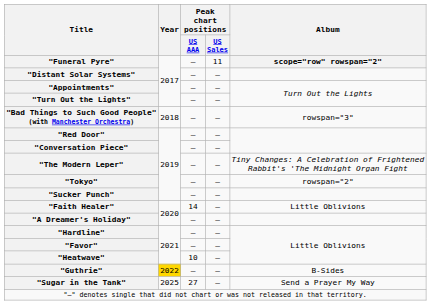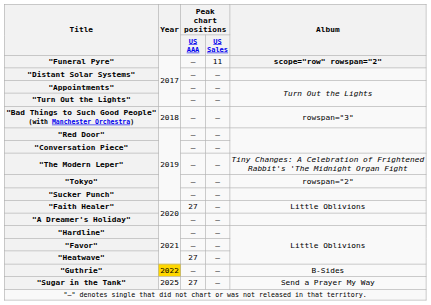 <table class="wikitable plainrowheaders" style="text-align:center;">
 <tr>
 <th rowspan="2">Title</th>
 <th rowspan="2">Year</th>
 <th colspan="2">Peak chart positions</th>
 <th rowspan="2">Album</th>
 </tr>
 <tr>
 <th scope="col" style="width:3em;font-size:90%;"><a href='#'>US<br>AAA</a><br></th>
 <th scope="col" style="width:3em;font-size:90%;"><a href='#'>US<br>Sales</a><br></th>
 </tr>
 <tr>
 <th scope="row">"Funeral Pyre"</th>
 <td rowspan="4">2017</td>
 <td>—</td>
 <td>11</td>
 <th>scope="row" rowspan="2" </th>
 </tr>
 <tr>
 <th scope="row">"Distant Solar Systems"</th>
 <td>—</td>
 <td>—</td>
 </tr>
 <tr>
 <th scope="row">"Appointments"</th>
 <td>—</td>
 <td>—</td>
 <td rowspan="2"><em>Turn Out the Lights</em></td>
 </tr>
 <tr>
 <th scope="row">"Turn Out the Lights"</th>
 <td>—</td>
 <td>—</td>
 </tr>
 <tr>
 <th scope="row">"Bad Things to Such Good People"<br><small>(with <a href='#'>Manchester Orchestra</a>)</small></th>
 <td>2018</td>
 <td>—</td>
 <td>—</td>
 <td>rowspan="3" </td>
 </tr>
 <tr>
 <th scope="row">"Red Door"</th>
 <td rowspan="5">2019</td>
 <td>—</td>
 <td>—</td>
 </tr>
 <tr>
 <th scope="row">"Conversation Piece"</th>
 <td>—</td>
 <td>—</td>
 </tr>
 <tr>
 <th scope="row">"The Modern Leper"</th>
 <td>—</td>
 <td>—</td>
 <td><em>Tiny Changes: A Celebration of Frightened<br>Rabbit's 'The Midnight Organ Fight<strong></td>
 </tr>
 <tr>
 <th scope="row">"Tokyo"</th>
 <td>—</td>
 <td>—</td>
 <td>rowspan="2" </td>
 </tr>
 <tr>
 <th scope="row">"Sucker Punch"</th>
 <td>—</td>
 <td>—</td>
 </tr>
 <tr>
 <th scope="row">"Faith Healer"</th>
 <td rowspan="2">2020</td>
-<td>14</td>
+<td>27</td>
 <td>—</td>
 <td></em>Little Oblivions<em></td>
 </tr>
 <tr>
 <th scope="row">"A Dreamer's Holiday"<br></th>
 <td>—</td>
 <td>—</td>
 <td></td>
 </tr>
 <tr>
 <th scope="row">"Hardline"</th>
 <td rowspan="3">2021</td>
 <td>—</td>
 <td>—</td>
 <td rowspan="3"></em>Little Oblivions<em></td>
 </tr>
 <tr>
 <th scope="row">"Favor"</th>
 <td>—</td>
 <td>—</td>
 </tr>
 <tr>
 <th scope="row">"Heatwave"</th>
-<td>10</td>
+<td>27</td>
 <td>—</td>
 </tr>
 <tr>
 <th scope="row">"Guthrie"</th>
 <td style="background: gold;">2022</td>
 <td>—</td>
 <td>—</td>
 <td></em>B-Sides<em></td>
 </tr>
 <tr>
 <th scope="row">"Sugar in the Tank" </th>
 <td>2025</td>
 <td>27</td>
 <td>—</td>
 <td></em>Send a Prayer My Way<em></td>
 </tr>
 <tr>
 <td colspan="5" style="font-size:85%">"—" denotes single that did not chart or was not released in that territory.</td>
 </tr>
 </table>
